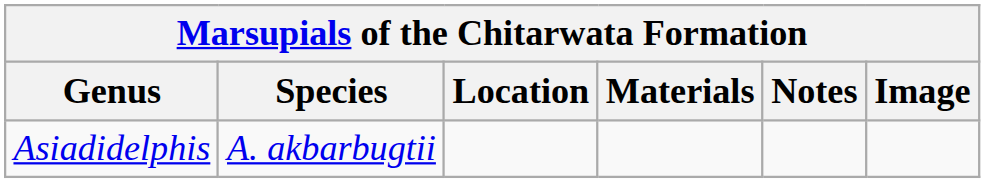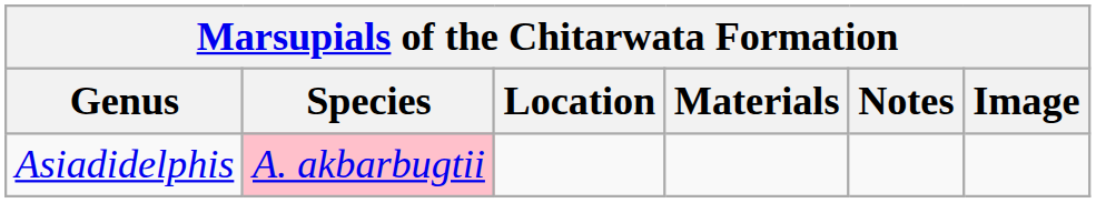 <table class="wikitable">
 <tr>
 <th colspan="7" align="center"><strong><a href='#'>Marsupials</a> of the Chitarwata Formation</strong></th>
 </tr>
 <tr>
 <th>Genus</th>
 <th>Species</th>
 <th>Location</th>
 <th>Materials</th>
 <th>Notes</th>
 <th>Image</th>
 </tr>
 <tr>
 <td><em><a href='#'>Asiadidelphis</a></em></td>
-<td><em><a href='#'>A. akbarbugtii</a></em></td>
+<td style="background: pink;"><em><a href='#'>A. akbarbugtii</a></em></td>
 <td></td>
 <td></td>
 <td></td>
 <td></td>
 </tr>
 </table>
